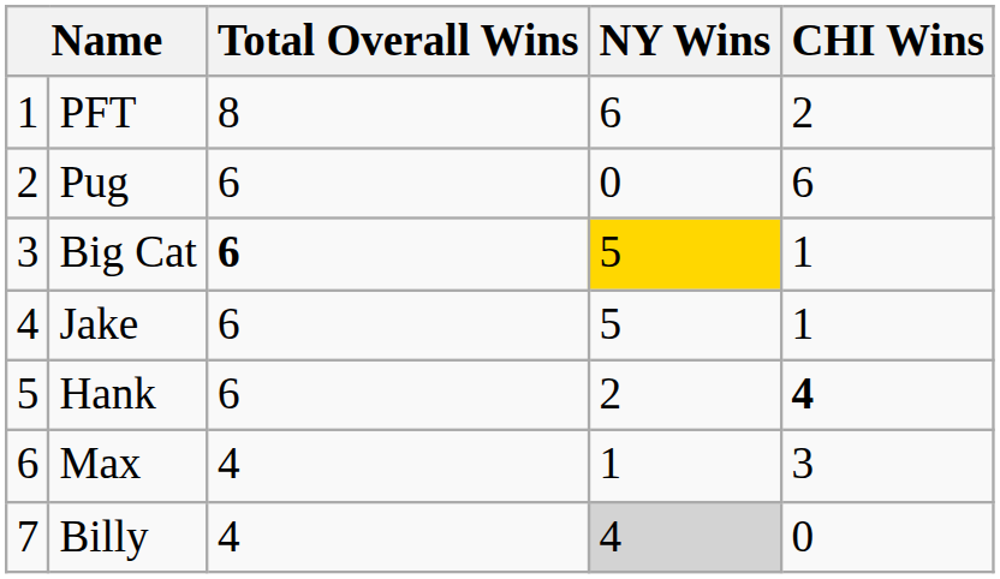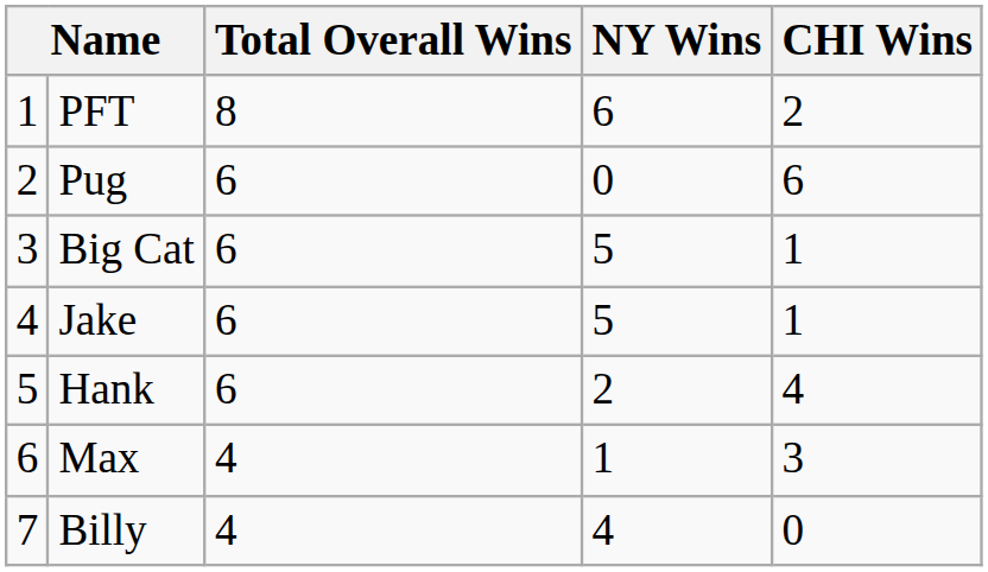 <table class="wikitable">
 <tr>
 <th colspan="2">Name</th>
 <th>Total Overall Wins</th>
 <th>NY Wins</th>
 <th>CHI Wins</th>
 </tr>
 <tr>
 <td>1</td>
 <td>PFT</td>
 <td>8</td>
 <td>6</td>
 <td>2</td>
 </tr>
 <tr>
 <td>2</td>
 <td>Pug</td>
 <td>6</td>
 <td>0</td>
 <td>6</td>
 </tr>
 <tr>
 <td>3</td>
 <td>Big Cat</td>
-<td><strong>6</strong></td>
-<td style="background: gold;">5</td>
+<td>6</td>
+<td>5</td>
 <td>1</td>
 </tr>
 <tr>
 <td>4</td>
 <td>Jake</td>
 <td>6</td>
 <td>5</td>
 <td>1</td>
 </tr>
 <tr>
 <td>5</td>
 <td>Hank</td>
 <td>6</td>
 <td>2</td>
-<td><strong>4</strong></td>
+<td>4</td>
 </tr>
 <tr>
 <td>6</td>
 <td>Max</td>
 <td>4</td>
 <td>1</td>
 <td>3</td>
 </tr>
 <tr>
 <td>7</td>
 <td>Billy</td>
 <td>4</td>
-<td style="background: lightgrey;">4</td>
+<td>4</td>
 <td>0</td>
 </tr>
 </table>
